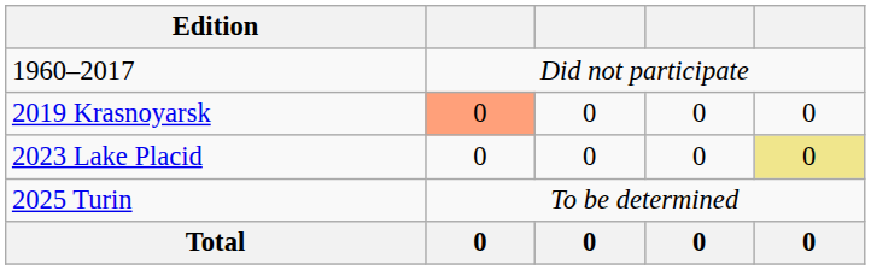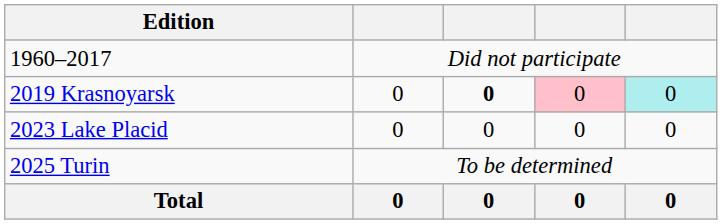 <table class="wikitable" width=40% style="font-size:100%; text-align:center;">
 <tr>
 <th>Edition</th>
 <th></th>
 <th></th>
 <th></th>
 <th></th>
 </tr>
 <tr>
 <td align=left>1960–2017</td>
 <td colspan=4><em>Did not participate</em></td>
 </tr>
 <tr>
 <td align=left> <a href='#'>2019 Krasnoyarsk</a></td>
-<td style="background: lightsalmon;">0</td>
 <td>0</td>
-<td>0</td>
-<td>0</td>
+<td><strong>0</strong></td>
+<td style="background: pink;">0</td>
+<td style="background: paleturquoise;">0</td>
 </tr>
 <tr>
 <td align=left> <a href='#'>2023 Lake Placid</a></td>
 <td>0</td>
 <td>0</td>
 <td>0</td>
-<td style="background: khaki;">0</td>
+<td>0</td>
 </tr>
 <tr>
 <td align=left> <a href='#'>2025 Turin</a></td>
 <td colspan=4><em>To be determined</em></td>
 </tr>
 <tr>
 <th>Total</th>
 <th>0</th>
 <th>0</th>
 <th>0</th>
 <th>0</th>
 </tr>
 </table>
